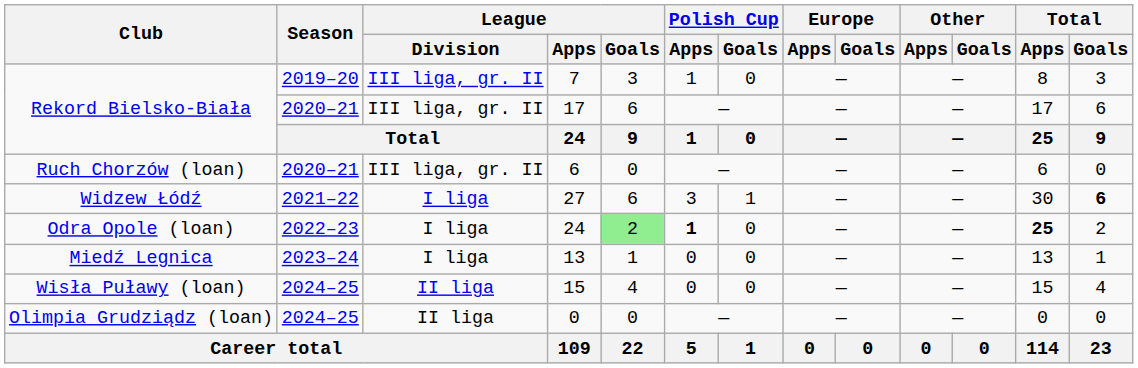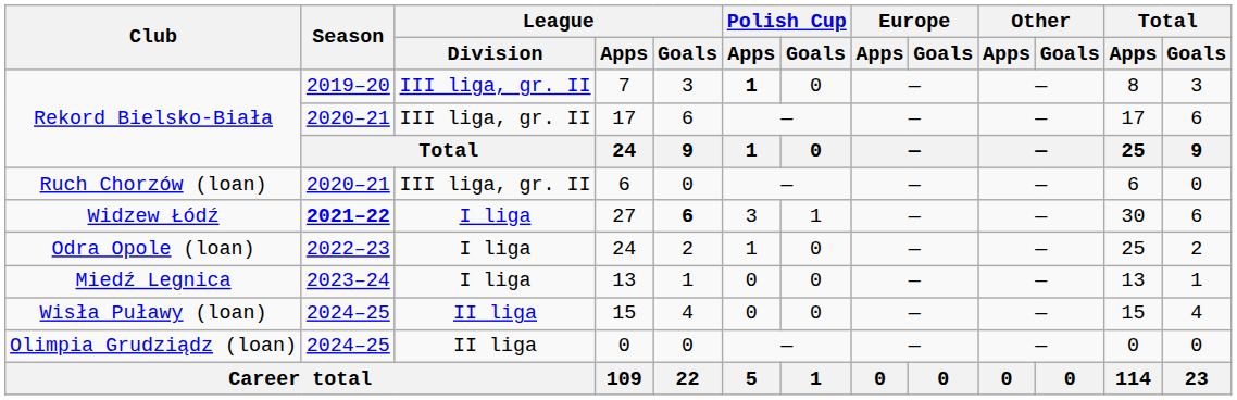 <table class="wikitable" style="text-align: center;">
 <tr>
 <th rowspan="2">Club</th>
 <th rowspan="2">Season</th>
 <th colspan="3">League</th>
 <th colspan="2"><a href='#'>Polish Cup</a></th>
 <th colspan="2">Europe</th>
 <th colspan="2">Other</th>
 <th colspan="2">Total</th>
 </tr>
 <tr>
 <th>Division</th>
 <th>Apps</th>
 <th>Goals</th>
 <th>Apps</th>
 <th>Goals</th>
 <th>Apps</th>
 <th>Goals</th>
 <th>Apps</th>
 <th>Goals</th>
 <th>Apps</th>
 <th>Goals</th>
 </tr>
 <tr>
 <td rowspan="3"><a href='#'>Rekord Bielsko-Biała</a></td>
 <td><a href='#'>2019–20</a></td>
 <td><a href='#'>III liga, gr. II</a></td>
 <td>7</td>
 <td>3</td>
-<td>1</td>
+<td><strong>1</strong></td>
 <td>0</td>
 <td colspan="2">—</td>
 <td colspan="2">—</td>
 <td>8</td>
 <td>3</td>
 </tr>
 <tr>
 <td><a href='#'>2020–21</a></td>
 <td>III liga, gr. II</td>
 <td>17</td>
 <td>6</td>
 <td colspan="2">—</td>
 <td colspan="2">—</td>
 <td colspan="2">—</td>
 <td>17</td>
 <td>6</td>
 </tr>
 <tr>
 <th colspan="2">Total</th>
 <th>24</th>
 <th>9</th>
 <th>1</th>
 <th>0</th>
 <th colspan="2">—</th>
 <th colspan="2">—</th>
 <th>25</th>
 <th>9</th>
 </tr>
 <tr>
 <td><a href='#'>Ruch Chorzów</a> (loan)</td>
 <td><a href='#'>2020–21</a></td>
 <td>III liga, gr. II</td>
 <td>6</td>
 <td>0</td>
 <td colspan="2">—</td>
 <td colspan="2">—</td>
 <td colspan="2">—</td>
 <td>6</td>
 <td>0</td>
 </tr>
 <tr>
 <td><a href='#'>Widzew Łódź</a></td>
-<td><a href='#'>2021–22</a></td>
+<td><strong><a href='#'>2021–22</a></strong></td>
 <td><a href='#'>I liga</a></td>
 <td>27</td>
-<td>6</td>
+<td><strong>6</strong></td>
 <td>3</td>
 <td>1</td>
 <td colspan="2">—</td>
 <td colspan="2">—</td>
 <td>30</td>
-<td><strong>6</strong></td>
+<td>6</td>
 </tr>
 <tr>
 <td><a href='#'>Odra Opole</a> (loan)</td>
 <td><a href='#'>2022–23</a></td>
 <td>I liga</td>
 <td>24</td>
-<td style="background: lightgreen;">2</td>
-<td><strong>1</strong></td>
+<td>2</td>
+<td>1</td>
 <td>0</td>
 <td colspan="2">—</td>
 <td colspan="2">—</td>
-<td><strong>25</strong></td>
+<td>25</td>
 <td>2</td>
 </tr>
 <tr>
 <td><a href='#'>Miedź Legnica</a></td>
 <td><a href='#'>2023–24</a></td>
 <td>I liga</td>
 <td>13</td>
 <td>1</td>
 <td>0</td>
 <td>0</td>
 <td colspan="2">—</td>
 <td colspan="2">—</td>
 <td>13</td>
 <td>1</td>
 </tr>
 <tr>
 <td><a href='#'>Wisła Puławy</a> (loan)</td>
 <td><a href='#'>2024–25</a></td>
 <td><a href='#'>II liga</a></td>
 <td>15</td>
 <td>4</td>
 <td>0</td>
 <td>0</td>
 <td colspan="2">—</td>
 <td colspan="2">—</td>
 <td>15</td>
 <td>4</td>
 </tr>
 <tr>
 <td><a href='#'>Olimpia Grudziądz</a> (loan)</td>
 <td><a href='#'>2024–25</a></td>
 <td>II liga</td>
 <td>0</td>
 <td>0</td>
 <td colspan="2">—</td>
 <td colspan="2">—</td>
 <td colspan="2">—</td>
 <td>0</td>
 <td>0</td>
 </tr>
 <tr>
 <th colspan="3">Career total</th>
 <th>109</th>
 <th>22</th>
 <th>5</th>
 <th>1</th>
 <th>0</th>
 <th>0</th>
 <th>0</th>
 <th>0</th>
 <th>114</th>
 <th>23</th>
 </tr>
 </table>
